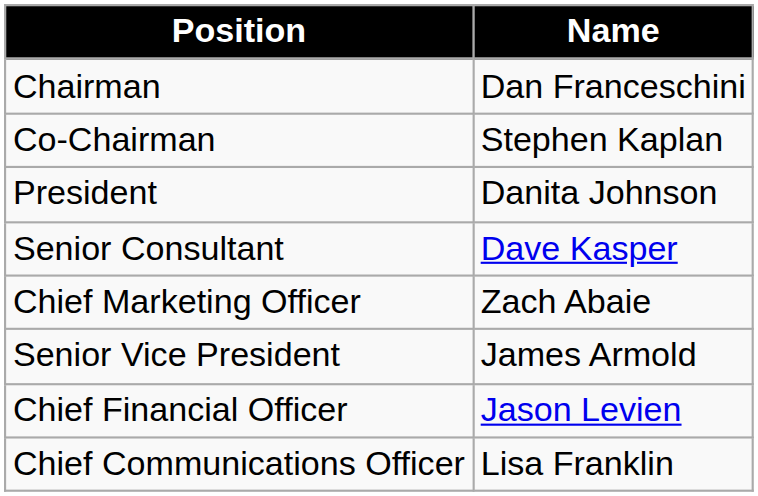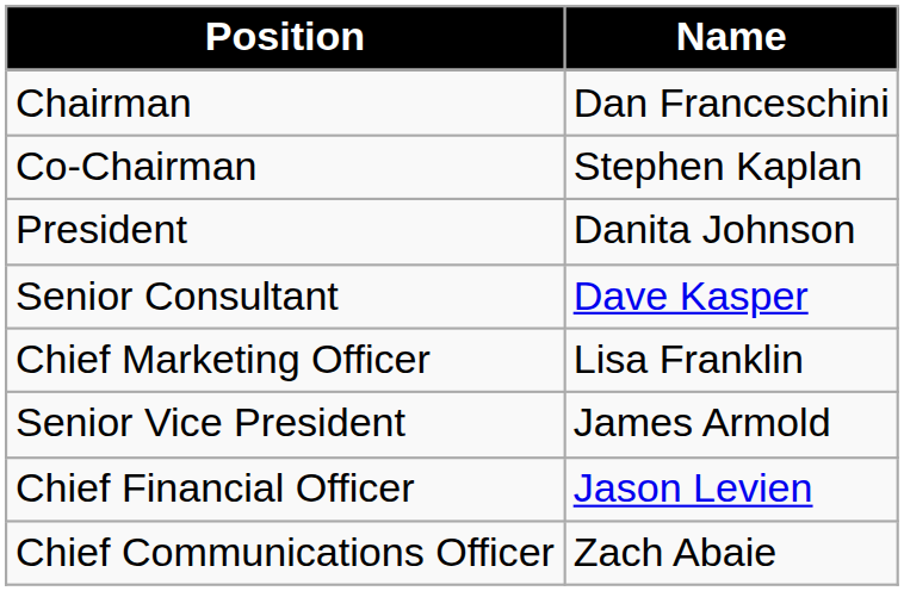 <table class="wikitable">
 <tr>
 <th style="background:#000000; color:white;">Position</th>
 <th style="background:#000000; color:white;">Name</th>
 </tr>
 <tr>
 <td>Chairman</td>
 <td align=left> Dan Franceschini</td>
 </tr>
 <tr>
 <td>Co-Chairman</td>
 <td align=left> Stephen Kaplan</td>
 </tr>
 <tr>
 <td>President</td>
 <td align=left> Danita Johnson</td>
 </tr>
 <tr>
 <td>Senior Consultant</td>
 <td align=left> <a href='#'>Dave Kasper</a></td>
 </tr>
 <tr>
 <td>Chief Marketing Officer</td>
-<td align=left> Zach Abaie</td>
+<td align=left> Lisa Franklin</td>
 </tr>
 <tr>
 <td>Senior Vice President</td>
 <td align=left> James Armold</td>
 </tr>
 <tr>
 <td>Chief Financial Officer</td>
 <td align=left> <a href='#'>Jason Levien</a></td>
 </tr>
 <tr>
 <td>Chief Communications Officer</td>
-<td align=left> Lisa Franklin</td>
+<td align=left> Zach Abaie</td>
 </tr>
 </table>
